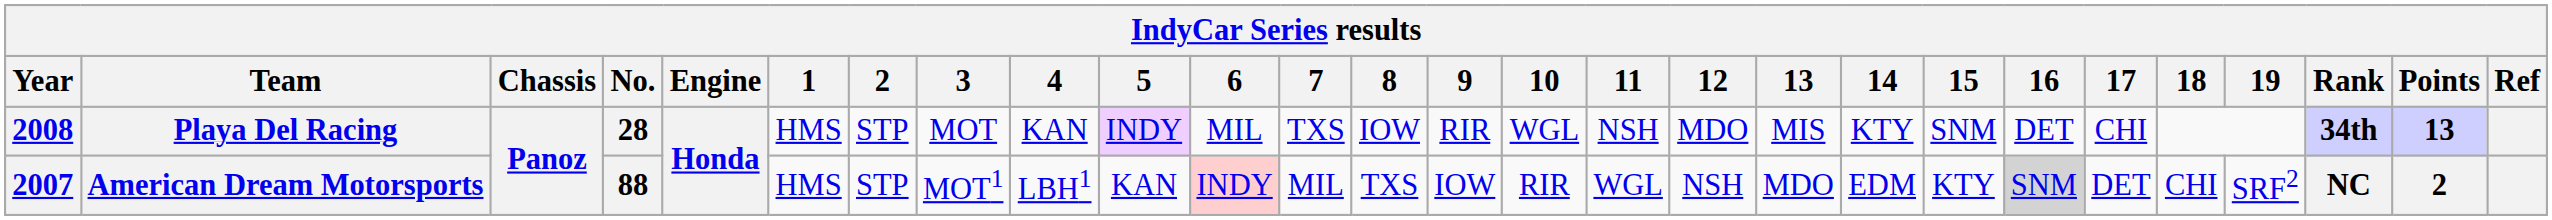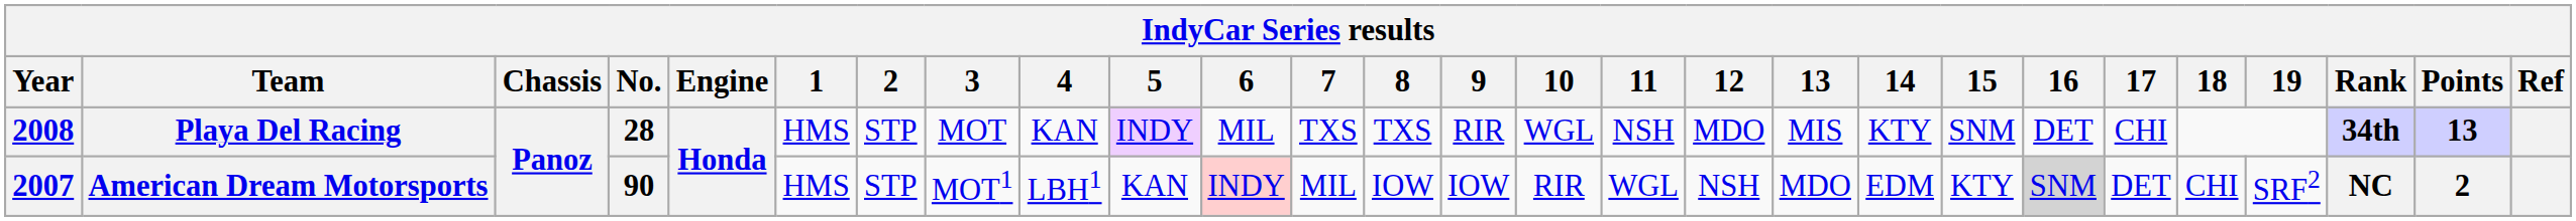 <table class="wikitable" style="text-align:center; font-size:90%">
 <tr>
 <th colspan=45><a href='#'>IndyCar Series</a> results</th>
 </tr>
 <tr>
 <th>Year</th>
 <th>Team</th>
 <th>Chassis</th>
 <th>No.</th>
 <th>Engine</th>
 <th>1</th>
 <th>2</th>
 <th>3</th>
 <th>4</th>
 <th>5</th>
 <th>6</th>
 <th>7</th>
 <th>8</th>
 <th>9</th>
 <th>10</th>
 <th>11</th>
 <th>12</th>
 <th>13</th>
 <th>14</th>
 <th>15</th>
 <th>16</th>
 <th>17</th>
 <th>18</th>
 <th>19</th>
 <th>Rank</th>
 <th>Points</th>
 <th>Ref</th>
 </tr>
 <tr>
 <th><a href='#'>2008</a></th>
 <th><a href='#'>Playa Del Racing</a></th>
 <th rowspan=2><a href='#'>Panoz</a></th>
 <th>28</th>
 <th rowspan=2><a href='#'>Honda</a></th>
 <td><a href='#'>HMS</a></td>
 <td><a href='#'>STP</a></td>
 <td><a href='#'>MOT</a></td>
 <td><a href='#'>KAN</a></td>
 <td style="background:#EFCFFF;"><a href='#'>INDY</a><br></td>
 <td><a href='#'>MIL</a></td>
 <td><a href='#'>TXS</a></td>
-<td><a href='#'>IOW</a></td>
+<td><a href='#'>TXS</a></td>
 <td><a href='#'>RIR</a></td>
 <td><a href='#'>WGL</a></td>
 <td><a href='#'>NSH</a></td>
 <td><a href='#'>MDO</a></td>
 <td><a href='#'>MIS</a></td>
 <td><a href='#'>KTY</a></td>
 <td><a href='#'>SNM</a></td>
 <td><a href='#'>DET</a></td>
 <td><a href='#'>CHI</a></td>
 <td colspan=2></td>
 <th style="background:#CFCFFF;">34th</th>
 <th style="background:#CFCFFF;">13</th>
 <th></th>
 </tr>
 <tr>
 <th><a href='#'>2007</a></th>
 <th><a href='#'>American Dream Motorsports</a></th>
-<th>88</th>
+<th>90</th>
 <td><a href='#'>HMS</a></td>
 <td><a href='#'>STP</a></td>
 <td><a href='#'>MOT<sup>1</sup></a></td>
 <td><a href='#'>LBH<sup>1</sup></a></td>
 <td><a href='#'>KAN</a></td>
 <td style="background:#FFCFCF;"><a href='#'>INDY</a><br></td>
 <td><a href='#'>MIL</a></td>
-<td><a href='#'>TXS</a></td>
+<td><a href='#'>IOW</a></td>
 <td><a href='#'>IOW</a></td>
 <td><a href='#'>RIR</a></td>
 <td><a href='#'>WGL</a></td>
 <td><a href='#'>NSH</a></td>
 <td><a href='#'>MDO</a></td>
 <td><a href='#'>EDM</a></td>
 <td><a href='#'>KTY</a></td>
 <td style="background: lightgrey;"><a href='#'>SNM</a></td>
 <td><a href='#'>DET</a></td>
 <td><a href='#'>CHI</a></td>
 <td><a href='#'>SRF<sup>2</sup></a></td>
 <th style="background:#;">NC</th>
 <th style="background:#;">2</th>
 <th></th>
 </tr>
 </table>
